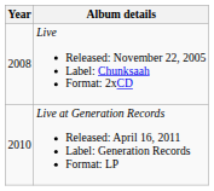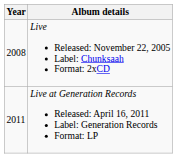 <table class ="wikitable">
 <tr>
 <th>Year</th>
 <th>Album details</th>
 </tr>
 <tr>
 <td>2008</td>
 <td><em>Live</em><br><ul><li>Released: November 22, 2005</li><li>Label: <a href='#'>Chunksaah</a></li><li>Format: 2x<a href='#'>CD</a></li></ul></td>
 </tr>
 <tr>
-<td>2010</td>
+<td>2011</td>
 <td><em>Live at Generation Records</em><br><ul><li>Released: April 16, 2011</li><li>Label: Generation Records</li><li>Format: LP</li></ul></td>
 </tr>
 </table>
